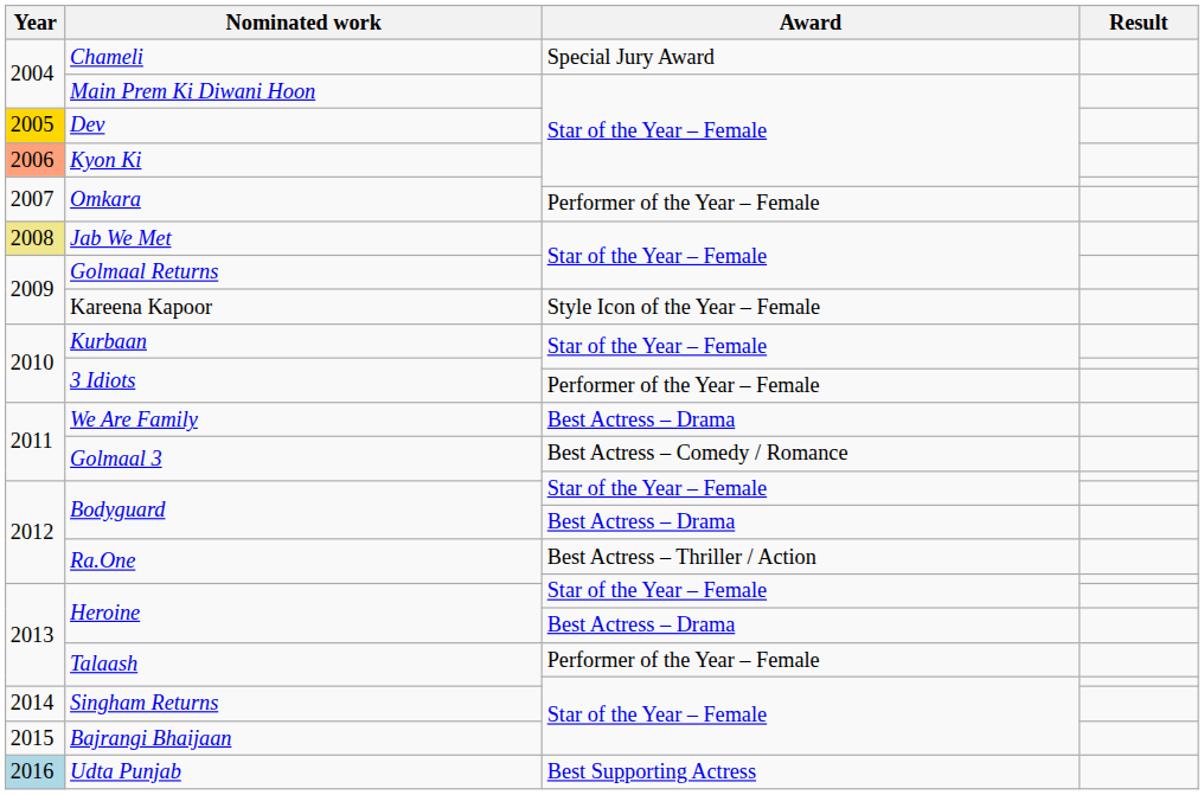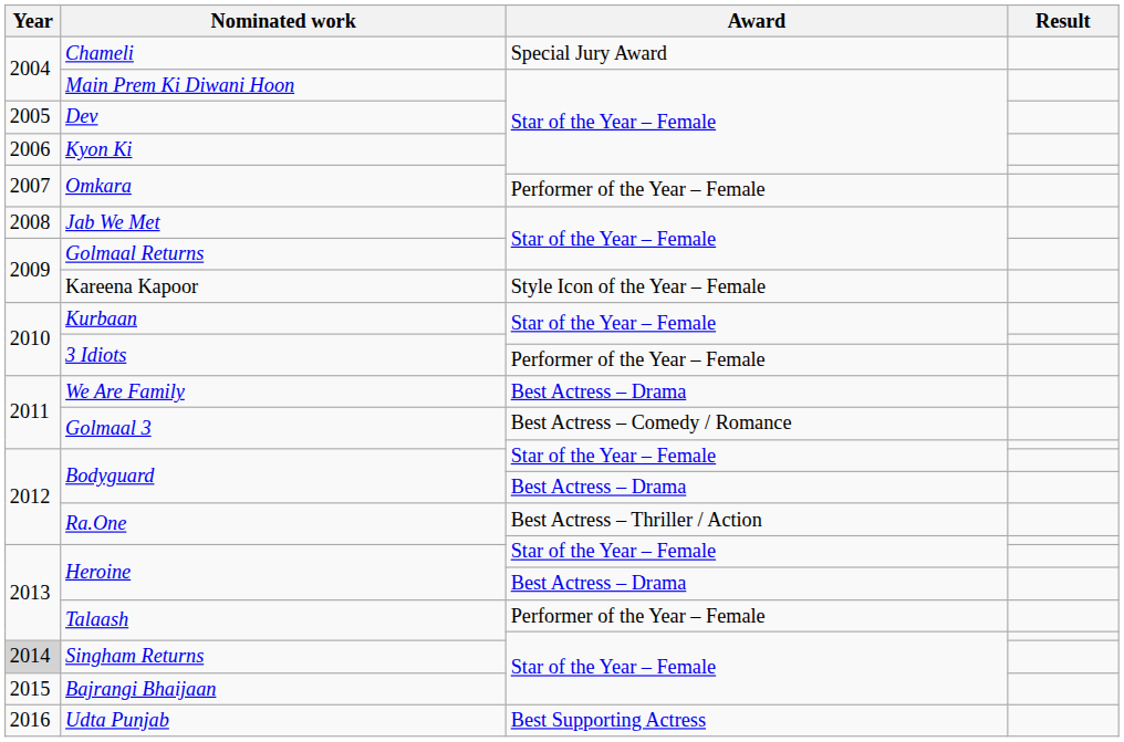 <table class="wikitable sortable" width=100%>
 <tr>
 <th width=5%>Year</th>
 <th width=40%>Nominated work</th>
 <th width=45%>Award</th>
 <th width=10%>Result</th>
 </tr>
 <tr>
 <td rowspan="2">2004</td>
 <td><em><a href='#'>Chameli</a></em></td>
 <td>Special Jury Award</td>
 <td></td>
 </tr>
 <tr>
 <td><em><a href='#'>Main Prem Ki Diwani Hoon</a></em></td>
 <td rowspan="4"><a href='#'>Star of the Year – Female</a></td>
 <td></td>
 </tr>
 <tr>
-<td style="background: gold;">2005</td>
+<td>2005</td>
 <td><em><a href='#'>Dev</a></em></td>
 <td></td>
 </tr>
 <tr>
-<td style="background: lightsalmon;">2006</td>
+<td>2006</td>
 <td><em><a href='#'>Kyon Ki</a></em></td>
 <td></td>
 </tr>
 <tr>
 <td rowspan="2">2007</td>
 <td rowspan="2"><em><a href='#'>Omkara</a></em></td>
 <td></td>
 </tr>
 <tr>
 <td>Performer of the Year – Female</td>
 <td></td>
 </tr>
 <tr>
-<td style="background: khaki;">2008</td>
+<td>2008</td>
 <td><em><a href='#'>Jab We Met</a></em></td>
 <td rowspan="2"><a href='#'>Star of the Year – Female</a></td>
 <td></td>
 </tr>
 <tr>
 <td rowspan="2">2009</td>
 <td><em><a href='#'>Golmaal Returns</a></em></td>
 <td></td>
 </tr>
 <tr>
 <td>Kareena Kapoor</td>
 <td>Style Icon of the Year – Female</td>
 <td></td>
 </tr>
 <tr>
 <td rowspan="3">2010</td>
 <td><em><a href='#'>Kurbaan</a></em></td>
 <td rowspan="2"><a href='#'>Star of the Year – Female</a></td>
 <td></td>
 </tr>
 <tr>
 <td rowspan="2"><em><a href='#'>3 Idiots</a></em></td>
 <td></td>
 </tr>
 <tr>
 <td>Performer of the Year – Female</td>
 <td></td>
 </tr>
 <tr>
 <td rowspan="3">2011</td>
 <td><em><a href='#'>We Are Family</a></em></td>
 <td><a href='#'>Best Actress – Drama</a></td>
 <td></td>
 </tr>
 <tr>
 <td rowspan="2"><em><a href='#'>Golmaal 3</a></em></td>
 <td>Best Actress – Comedy / Romance</td>
 <td></td>
 </tr>
 <tr>
 <td rowspan="2"><a href='#'>Star of the Year – Female</a></td>
 <td></td>
 </tr>
 <tr>
 <td rowspan="4">2012</td>
 <td rowspan="2"><em><a href='#'>Bodyguard</a></em></td>
 <td></td>
 </tr>
 <tr>
 <td><a href='#'>Best Actress – Drama</a></td>
 <td></td>
 </tr>
 <tr>
 <td rowspan="2"><em><a href='#'>Ra.One</a></em></td>
 <td>Best Actress – Thriller / Action</td>
 <td></td>
 </tr>
 <tr>
 <td rowspan="2"><a href='#'>Star of the Year – Female</a></td>
 <td></td>
 </tr>
 <tr>
 <td rowspan="4">2013</td>
 <td rowspan="2"><em><a href='#'>Heroine</a></em></td>
 <td></td>
 </tr>
 <tr>
 <td><a href='#'>Best Actress – Drama</a></td>
 <td></td>
 </tr>
 <tr>
 <td rowspan="2"><em><a href='#'>Talaash</a></em></td>
 <td>Performer of the Year – Female</td>
 <td></td>
 </tr>
 <tr>
 <td rowspan="3"><a href='#'>Star of the Year – Female</a></td>
 <td></td>
 </tr>
 <tr>
-<td>2014</td>
+<td style="background: lightgrey;">2014</td>
 <td><em><a href='#'>Singham Returns</a></em></td>
 <td></td>
 </tr>
 <tr>
 <td>2015</td>
 <td><em><a href='#'>Bajrangi Bhaijaan</a></em></td>
 <td></td>
 </tr>
 <tr>
-<td style="background: lightblue;">2016</td>
+<td>2016</td>
 <td><em><a href='#'>Udta Punjab</a></em></td>
 <td><a href='#'>Best Supporting Actress</a></td>
 <td></td>
 </tr>
 </table>
